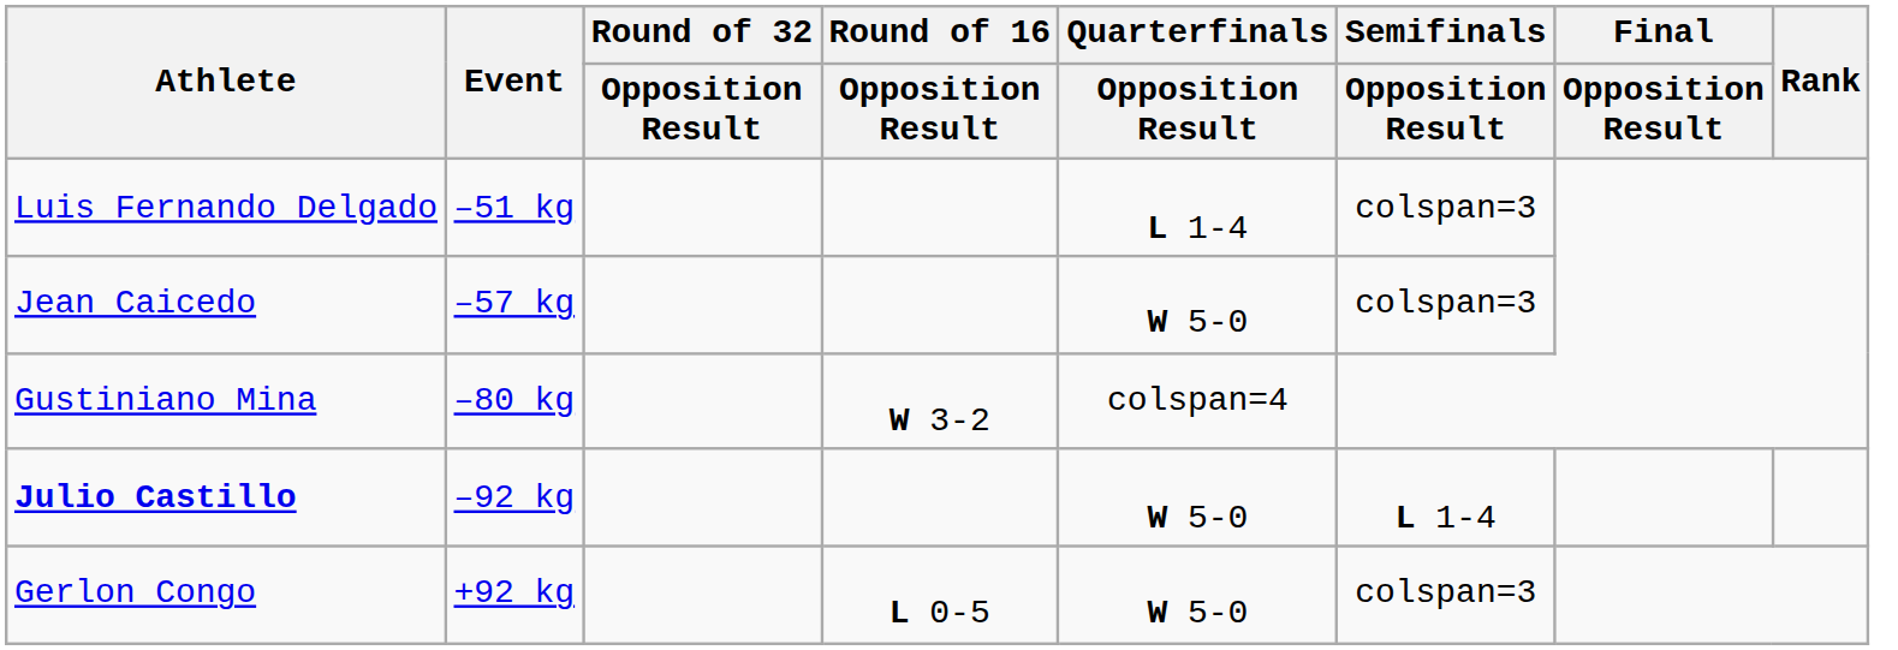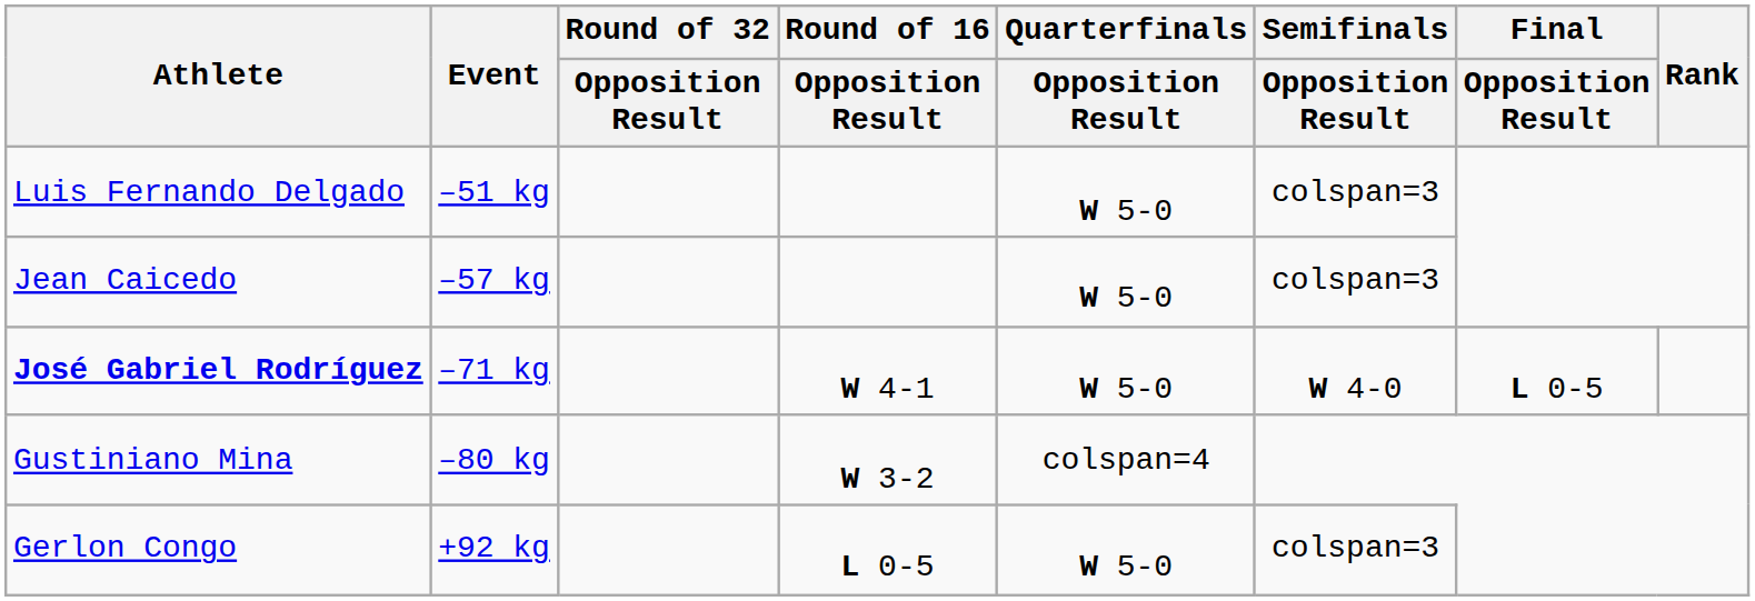 <table class=wikitable style=font-size:90%;text-align:center>
 <tr>
 <th rowspan=2>Athlete</th>
 <th rowspan=2>Event</th>
 <th>Round of 32</th>
 <th>Round of 16</th>
 <th>Quarterfinals</th>
 <th>Semifinals</th>
 <th>Final</th>
 <th rowspan="2">Rank</th>
 </tr>
 <tr>
 <th>Opposition<br>Result</th>
 <th>Opposition<br>Result</th>
 <th>Opposition<br>Result</th>
 <th>Opposition<br>Result</th>
 <th>Opposition<br>Result</th>
 </tr>
 <tr align=center>
 <td align=left><a href='#'>Luis Fernando Delgado</a></td>
 <td align=left><a href='#'>–51 kg</a></td>
 <td></td>
 <td></td>
-<td><br><strong>L</strong> 1-4</td>
+<td><br><strong>W</strong> 5-0</td>
 <td>colspan=3 </td>
 </tr>
 <tr align=center>
 <td align=left><a href='#'>Jean Caicedo</a></td>
 <td align=left><a href='#'>–57 kg</a></td>
 <td></td>
 <td></td>
 <td><br><strong>W</strong> 5-0</td>
 <td>colspan=3 </td>
 </tr>
 <tr align=center>
+<td align=left><strong><a href='#'>José Gabriel Rodríguez</a></strong></td>
+<td align=left><a href='#'>–71 kg</a></td>
+<td></td>
+<td><br><strong>W</strong> 4-1</td>
+<td><br><strong>W</strong> 5-0</td>
+<td><br><strong>W</strong> 4-0</td>
+<td><br><strong>L</strong> 0-5</td>
+<td></td>
+</tr>
+<tr align=center>
 <td align=left><a href='#'>Gustiniano Mina</a></td>
 <td align=left><a href='#'>–80 kg</a></td>
 <td></td>
 <td><br><strong>W</strong> 3-2</td>
 <td>colspan=4 </td>
-</tr>
-<tr align=center>
-<td align=left><strong><a href='#'>Julio Castillo</a></strong></td>
-<td align=left><a href='#'>–92 kg</a></td>
-<td></td>
-<td></td>
-<td><br><strong>W</strong> 5-0</td>
-<td><br><strong>L</strong> 1-4</td>
-<td></td>
-<td></td>
 </tr>
 <tr align=center>
 <td align=left><a href='#'>Gerlon Congo</a></td>
 <td align=left><a href='#'>+92 kg</a></td>
 <td></td>
 <td><br><strong>L</strong> 0-5</td>
 <td><br><strong>W</strong> 5-0</td>
 <td>colspan=3 </td>
 </tr>
 </table>
